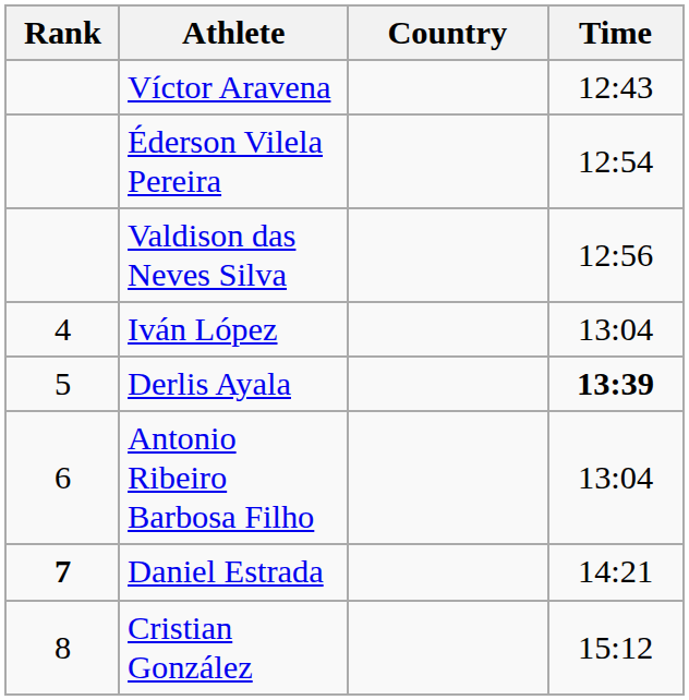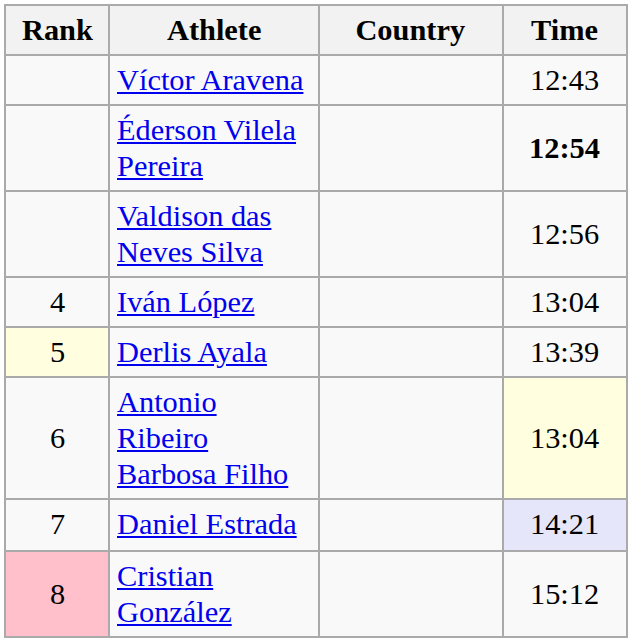 <table class="wikitable sortable" style=" text-align:center; font-size:95%;" width="50%">
 <tr>
 </tr>
 <tr>
 <th width=5%>Rank</th>
 <th width=20%>Athlete</th>
 <th width=15%>Country</th>
 <th width=10%>Time</th>
 </tr>
 <tr>
 <td align=center></td>
 <td align=left><a href='#'>Víctor Aravena</a></td>
 <td align=left></td>
 <td>12:43</td>
 </tr>
 <tr>
 <td align=center></td>
 <td align=left><a href='#'>Éderson Vilela Pereira</a></td>
 <td align=left></td>
-<td>12:54</td>
+<td><strong>12:54</strong></td>
 </tr>
 <tr>
 <td align=center></td>
 <td align=left><a href='#'>Valdison das Neves Silva</a></td>
 <td align=left></td>
 <td>12:56</td>
 </tr>
 <tr>
 <td align=center>4</td>
 <td align=left><a href='#'>Iván López</a></td>
 <td align=left></td>
 <td>13:04</td>
 </tr>
 <tr>
-<td align=center>5</td>
+<td align=center style="background: lightyellow;">5</td>
 <td align=left><a href='#'>Derlis Ayala</a></td>
 <td align=left></td>
-<td><strong>13:39</strong></td>
+<td>13:39</td>
 </tr>
 <tr>
 <td align=center>6</td>
 <td align=left><a href='#'>Antonio Ribeiro Barbosa Filho</a></td>
 <td align=left></td>
-<td>13:04</td>
+<td style="background: lightyellow;">13:04</td>
 </tr>
 <tr>
-<td align=center><strong>7</strong></td>
+<td align=center>7</td>
 <td align=left><a href='#'>Daniel Estrada</a></td>
 <td align=left></td>
-<td>14:21</td>
+<td style="background: lavender;">14:21</td>
 </tr>
 <tr>
-<td align=center>8</td>
+<td align=center style="background: pink;">8</td>
 <td align=left><a href='#'>Cristian González</a></td>
 <td align=left></td>
 <td>15:12</td>
 </tr>
 </table>
